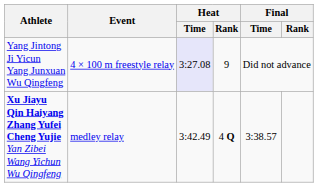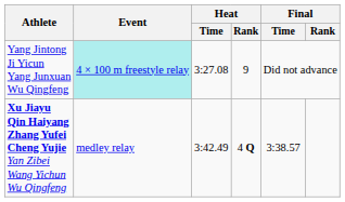 <table class="wikitable" style="text-align:center; font-size:90%;">
 <tr>
 <th rowspan="2">Athlete</th>
 <th rowspan="2">Event</th>
 <th colspan="2">Heat</th>
 <th colspan="2">Final</th>
 </tr>
 <tr style="font-size:95%">
 <th>Time</th>
 <th>Rank</th>
 <th>Time</th>
 <th>Rank</th>
 </tr>
 <tr>
 <td align=left><a href='#'>Yang Jintong</a> <br><a href='#'>Ji Yicun</a> <br><a href='#'>Yang Junxuan</a> <br><a href='#'>Wu Qingfeng</a></td>
-<td align=left><a href='#'>4 × 100 m freestyle relay</a></td>
-<td style="background: lavender;">3:27.08</td>
+<td align=left style="background: paleturquoise;"><a href='#'>4 × 100 m freestyle relay</a></td>
+<td>3:27.08</td>
 <td>9</td>
 <td colspan="2">Did not advance</td>
 </tr>
 <tr>
 <td align=left><strong><a href='#'>Xu Jiayu</a><br><a href='#'>Qin Haiyang</a><br><a href='#'>Zhang Yufei</a><br><a href='#'>Cheng Yujie</a></strong><br><em><a href='#'>Yan Zibei</a><br><a href='#'>Wang Yichun</a><br><a href='#'>Wu Qingfeng</a></em></td>
 <td align=left><a href='#'> medley relay</a></td>
 <td>3:42.49</td>
 <td>4 <strong>Q</strong></td>
 <td>3:38.57</td>
 <td></td>
 </tr>
 </table>
